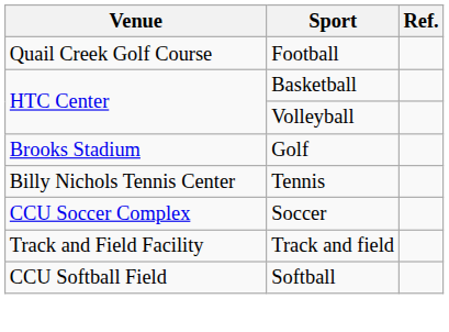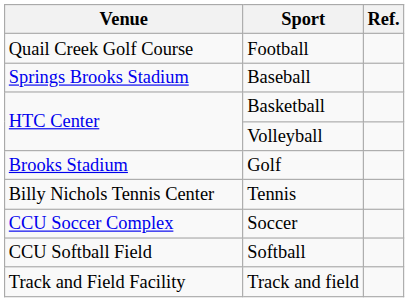 <table class="wikitable"; style= "text-align: ">
 <tr>
 <th width=200px>Venue</th>
 <th width=px>Sport</th>
 <th width=px>Ref.</th>
 </tr>
 <tr>
 <td>Quail Creek Golf Course</td>
 <td>Football</td>
+<td></td>
+</tr>
+<tr>
+<td><a href='#'>Springs Brooks Stadium</a></td>
+<td>Baseball</td>
 <td></td>
 </tr>
 <tr>
 <td rowspan=2><a href='#'>HTC Center</a></td>
 <td>Basketball</td>
 <td></td>
 </tr>
 <tr>
 <td>Volleyball</td>
 <td></td>
 </tr>
 <tr>
 <td><a href='#'>Brooks Stadium</a></td>
 <td>Golf</td>
 <td></td>
 </tr>
 <tr>
 <td>Billy Nichols Tennis Center</td>
 <td>Tennis</td>
 <td></td>
 </tr>
 <tr>
 <td><a href='#'>CCU Soccer Complex</a></td>
 <td>Soccer</td>
 <td></td>
 </tr>
 <tr>
+<td>CCU Softball Field</td>
+<td>Softball</td>
+<td></td>
+</tr>
+<tr>
 <td>Track and Field Facility</td>
 <td>Track and field</td>
 <td></td>
 </tr>
-<tr>
-<td>CCU Softball Field</td>
-<td>Softball</td>
-<td></td>
-</tr>
 </table>
